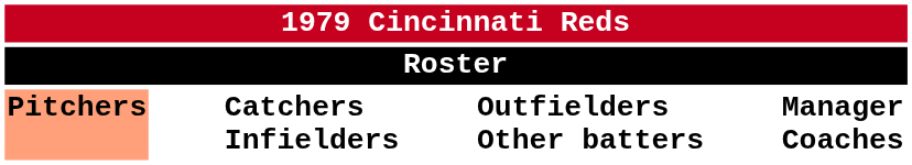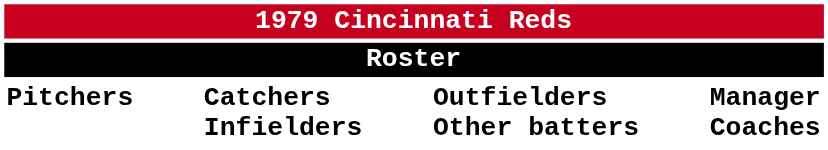 <table class="toccolours" style="font-size: 95%;">
 <tr>
 <th colspan="10" style="background-color: #c6011f; color: white; text-align: center;">1979 Cincinnati Reds</th>
 </tr>
 <tr>
 <td colspan="10" style="background-color: black; color: white; text-align: center;"><strong>Roster</strong></td>
 </tr>
 <tr>
-<td valign="top" style="background: lightsalmon;"><strong>Pitchers</strong><br>             </td>
+<td valign="top"><strong>Pitchers</strong><br>             </td>
 <td width="25px"></td>
 <td valign="top"><strong>Catchers</strong><br>  <strong>Infielders</strong>         </td>
 <td width="25px"></td>
 <td valign="top"><strong>Outfielders</strong><br>         <strong>Other batters</strong> </td>
 <td width="25px"></td>
 <td valign="top"><strong>Manager</strong><br> <strong>Coaches</strong>    </td>
 </tr>
 </table>
